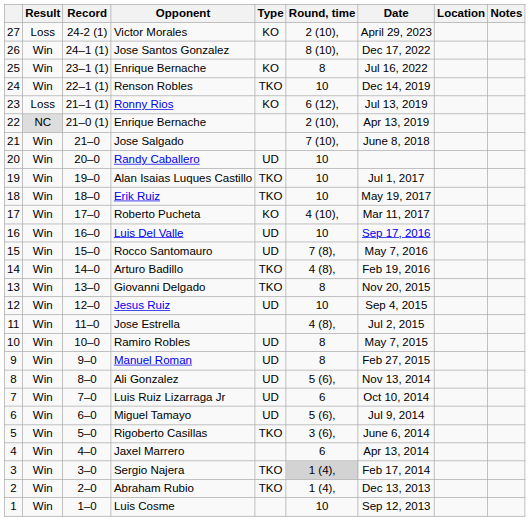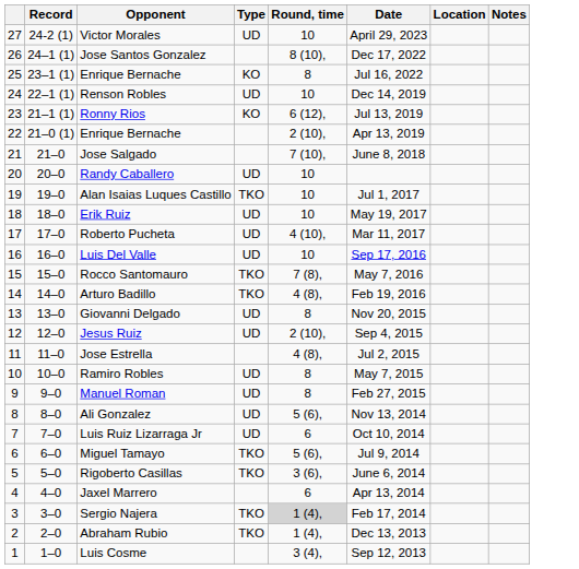 <table class="wikitable" style="text-align:center">
 <tr>
 <th></th>
-<th>Result</th>
 <th>Record</th>
 <th>Opponent</th>
 <th>Type</th>
 <th>Round, time</th>
 <th>Date</th>
 <th>Location</th>
 <th>Notes</th>
 </tr>
 <tr>
 <td>27</td>
-<td> Loss</td>
 <td>24-2 (1)</td>
 <td align=left>Victor Morales</td>
-<td>KO</td>
-<td>2 (10), </td>
+<td>UD</td>
+<td>10</td>
 <td>April 29, 2023</td>
 <td align="left"></td>
 <td align=left></td>
 </tr>
 <tr>
 <td>26</td>
-<td>Win</td>
 <td>24–1 (1)</td>
 <td align=left>Jose Santos Gonzalez</td>
 <td></td>
 <td>8 (10), </td>
 <td>Dec 17, 2022</td>
 <td align="left"></td>
 <td></td>
 </tr>
 <tr>
 <td>25</td>
-<td>Win</td>
 <td>23–1 (1)</td>
 <td align="left">Enrique Bernache</td>
 <td>KO</td>
 <td>8</td>
 <td>Jul 16, 2022</td>
 <td align="left"></td>
 <td></td>
 </tr>
 <tr>
 <td>24</td>
-<td>Win</td>
 <td>22–1 (1)</td>
 <td align=left>Renson Robles</td>
-<td>TKO</td>
+<td>UD</td>
 <td>10</td>
 <td>Dec 14, 2019</td>
 <td align=left></td>
 <td></td>
 </tr>
 <tr>
 <td>23</td>
-<td>Loss</td>
 <td>21–1 (1)</td>
 <td align=left><a href='#'>Ronny Rios</a></td>
 <td>KO</td>
 <td>6 (12), </td>
 <td>Jul 13, 2019</td>
 <td align=left></td>
 <td align=left></td>
 </tr>
 <tr>
 <td>22</td>
-<td style="background: #DDD">NC</td>
 <td>21–0 (1)</td>
 <td align=left>Enrique Bernache</td>
 <td></td>
 <td>2 (10), </td>
 <td>Apr 13, 2019</td>
 <td align=left></td>
 <td align=left></td>
 </tr>
 <tr>
 <td>21</td>
-<td>Win</td>
 <td>21–0</td>
 <td align=left>Jose Salgado</td>
 <td></td>
 <td>7 (10), </td>
 <td>June 8, 2018</td>
 <td align=left></td>
 <td align=left></td>
 </tr>
 <tr>
 <td>20</td>
-<td>Win</td>
 <td>20–0</td>
 <td align=left><a href='#'>Randy Caballero</a></td>
 <td>UD</td>
 <td>10</td>
 <td></td>
 <td align=left></td>
 <td align=left></td>
 </tr>
 <tr>
 <td>19</td>
-<td>Win</td>
 <td>19–0</td>
 <td align=left>Alan Isaias Luques Castillo</td>
 <td>TKO</td>
 <td>10</td>
 <td>Jul 1, 2017</td>
 <td align=left></td>
 <td align=left></td>
 </tr>
 <tr>
 <td>18</td>
-<td>Win</td>
 <td>18–0</td>
 <td align=left><a href='#'>Erik Ruiz</a></td>
-<td>TKO</td>
+<td>UD</td>
 <td>10</td>
 <td>May 19, 2017</td>
 <td align=left></td>
 <td></td>
 </tr>
 <tr>
 <td>17</td>
-<td>Win</td>
 <td>17–0</td>
 <td align=left>Roberto Pucheta</td>
-<td>KO</td>
+<td>UD</td>
 <td>4 (10), </td>
 <td>Mar 11, 2017</td>
 <td align=left></td>
 <td></td>
 </tr>
 <tr>
 <td>16</td>
-<td>Win</td>
 <td>16–0</td>
 <td align=left><a href='#'>Luis Del Valle</a></td>
 <td>UD</td>
 <td>10</td>
 <td><a href='#'>Sep 17, 2016</a></td>
 <td align=left></td>
 <td align=left></td>
 </tr>
 <tr>
 <td>15</td>
-<td>Win</td>
 <td>15–0</td>
 <td align=left>Rocco Santomauro</td>
-<td>UD</td>
+<td>TKO</td>
 <td>7 (8), </td>
 <td>May 7, 2016</td>
 <td align=left></td>
 <td align=left></td>
 </tr>
 <tr>
 <td>14</td>
-<td>Win</td>
 <td>14–0</td>
 <td align=left>Arturo Badillo</td>
 <td>TKO</td>
 <td>4 (8), </td>
 <td>Feb 19, 2016</td>
 <td align=left></td>
 <td></td>
 </tr>
 <tr>
 <td>13</td>
-<td>Win</td>
 <td>13–0</td>
 <td align=left>Giovanni Delgado</td>
-<td>TKO</td>
+<td>UD</td>
 <td>8</td>
 <td>Nov 20, 2015</td>
 <td align=left></td>
 <td></td>
 </tr>
 <tr>
 <td>12</td>
-<td>Win</td>
 <td>12–0</td>
 <td align=left><a href='#'>Jesus Ruiz</a></td>
 <td>UD</td>
-<td>10</td>
+<td>2 (10), </td>
 <td>Sep 4, 2015</td>
 <td align=left></td>
 <td style="text-align:left;"></td>
 </tr>
 <tr>
 <td>11</td>
-<td>Win</td>
 <td>11–0</td>
 <td align=left>Jose Estrella</td>
 <td></td>
 <td>4 (8), </td>
 <td>Jul 2, 2015</td>
 <td align=left></td>
 <td></td>
 </tr>
 <tr>
 <td>10</td>
-<td>Win</td>
 <td>10–0</td>
 <td align=left>Ramiro Robles</td>
 <td>UD</td>
 <td>8</td>
 <td>May 7, 2015</td>
 <td align=left></td>
 <td></td>
 </tr>
 <tr>
 <td>9</td>
-<td>Win</td>
 <td>9–0</td>
 <td align=left><a href='#'>Manuel Roman</a></td>
 <td>UD</td>
 <td>8</td>
 <td>Feb 27, 2015</td>
 <td align=left></td>
 <td></td>
 </tr>
 <tr>
 <td>8</td>
-<td>Win</td>
 <td>8–0</td>
 <td align=left>Ali Gonzalez</td>
 <td>UD</td>
 <td>5 (6), </td>
 <td>Nov 13, 2014</td>
 <td align=left></td>
 <td></td>
 </tr>
 <tr>
 <td>7</td>
-<td>Win</td>
 <td>7–0</td>
 <td align=left>Luis Ruiz Lizarraga Jr</td>
 <td>UD</td>
 <td>6</td>
 <td>Oct 10, 2014</td>
 <td align=left></td>
 <td></td>
 </tr>
 <tr>
 <td>6</td>
-<td>Win</td>
 <td>6–0</td>
 <td align=left>Miguel Tamayo</td>
-<td>UD</td>
+<td>TKO</td>
 <td>5 (6), </td>
 <td>Jul 9, 2014</td>
 <td align=left></td>
 <td></td>
 </tr>
 <tr>
 <td>5</td>
-<td>Win</td>
 <td>5–0</td>
 <td align=left>Rigoberto Casillas</td>
 <td>TKO</td>
 <td>3 (6), </td>
 <td>June 6, 2014</td>
 <td align=left></td>
 <td></td>
 </tr>
 <tr>
 <td>4</td>
-<td>Win</td>
 <td>4–0</td>
 <td align=left>Jaxel Marrero</td>
 <td></td>
 <td>6</td>
 <td>Apr 13, 2014</td>
 <td align=left></td>
 <td></td>
 </tr>
 <tr>
 <td>3</td>
-<td>Win</td>
 <td>3–0</td>
 <td align=left>Sergio Najera</td>
 <td>TKO</td>
 <td style="background: lightgrey;">1 (4), </td>
 <td>Feb 17, 2014</td>
 <td align=left></td>
 <td></td>
 </tr>
 <tr>
 <td>2</td>
-<td>Win</td>
 <td>2–0</td>
 <td align=left>Abraham Rubio</td>
 <td>TKO</td>
 <td>1 (4), </td>
 <td>Dec 13, 2013</td>
 <td align=left></td>
 <td></td>
 </tr>
 <tr>
 <td>1</td>
-<td>Win</td>
 <td>1–0</td>
 <td align=left>Luis Cosme</td>
 <td></td>
-<td>10</td>
+<td>3 (4), </td>
 <td>Sep 12, 2013</td>
 <td align=left></td>
 <td></td>
 </tr>
 </table>
